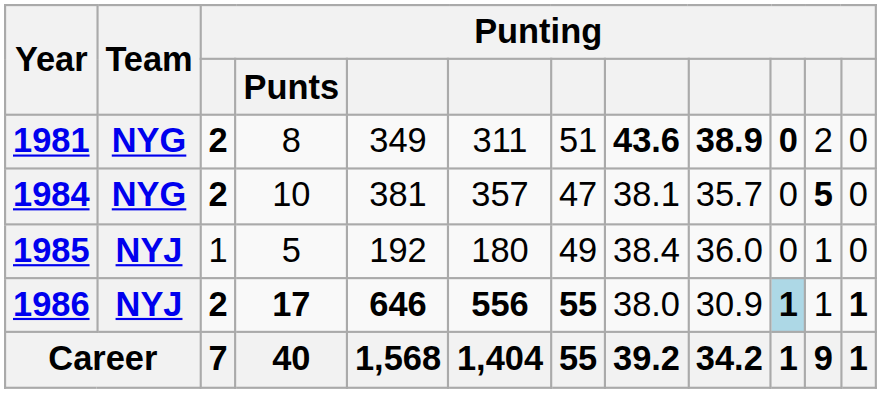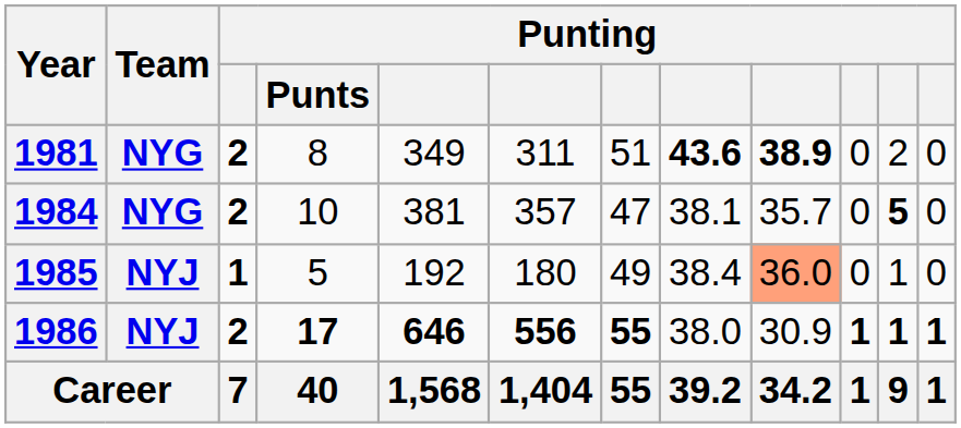 <table class=wikitable style="text-align:center;">
 <tr>
 <th rowspan="2">Year</th>
 <th rowspan="2">Team</th>
 <th colspan="10">Punting</th>
 </tr>
 <tr>
 <th></th>
 <th>Punts</th>
 <th></th>
 <th></th>
 <th></th>
 <th></th>
 <th></th>
 <th></th>
 <th></th>
 <th></th>
 </tr>
 <tr>
 <th><a href='#'>1981</a></th>
 <th><a href='#'>NYG</a></th>
 <td><strong>2</strong></td>
 <td>8</td>
 <td>349</td>
 <td>311</td>
 <td>51</td>
 <td><strong>43.6</strong></td>
 <td><strong>38.9</strong></td>
-<td><strong>0</strong></td>
+<td>0</td>
 <td>2</td>
 <td>0</td>
 </tr>
 <tr>
 <th><a href='#'>1984</a></th>
 <th><a href='#'>NYG</a></th>
 <td><strong>2</strong></td>
 <td>10</td>
 <td>381</td>
 <td>357</td>
 <td>47</td>
 <td>38.1</td>
 <td>35.7</td>
 <td>0</td>
 <td><strong>5</strong></td>
 <td>0</td>
 </tr>
 <tr>
 <th><a href='#'>1985</a></th>
 <th><a href='#'>NYJ</a></th>
-<td>1</td>
+<td><strong>1</strong></td>
 <td>5</td>
 <td>192</td>
 <td>180</td>
 <td>49</td>
 <td>38.4</td>
-<td>36.0</td>
+<td style="background: lightsalmon;">36.0</td>
 <td>0</td>
 <td>1</td>
 <td>0</td>
 </tr>
 <tr>
 <th><a href='#'>1986</a></th>
 <th><a href='#'>NYJ</a></th>
 <td><strong>2</strong></td>
 <td><strong>17</strong></td>
 <td><strong>646</strong></td>
 <td><strong>556</strong></td>
 <td><strong>55</strong></td>
 <td>38.0</td>
 <td>30.9</td>
-<td style="background: lightblue;"><strong>1</strong></td>
-<td>1</td>
+<td><strong>1</strong></td>
+<td><strong>1</strong></td>
 <td><strong>1</strong></td>
 </tr>
 <tr>
 <th colspan="2">Career</th>
 <th>7</th>
 <th>40</th>
 <th>1,568</th>
 <th>1,404</th>
 <th>55</th>
 <th>39.2</th>
 <th>34.2</th>
 <th>1</th>
 <th>9</th>
 <th>1</th>
 </tr>
 </table>
